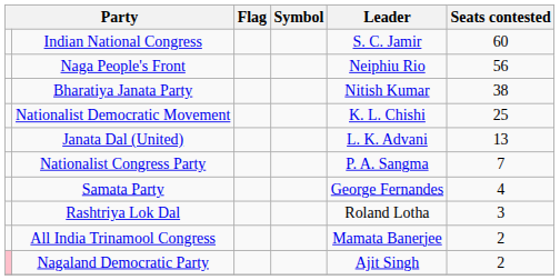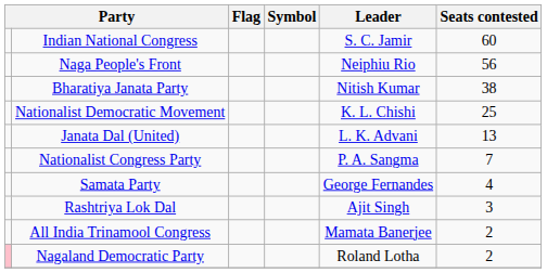 <table class="wikitable" style="text-align:center;">
 <tr>
 <th colspan="2">Party</th>
 <th>Flag</th>
 <th>Symbol</th>
 <th>Leader</th>
 <th>Seats contested</th>
 </tr>
 <tr>
 <td></td>
 <td><a href='#'>Indian National Congress</a></td>
 <td></td>
 <td></td>
 <td><a href='#'>S. C. Jamir</a></td>
 <td>60</td>
 </tr>
 <tr>
 <td></td>
 <td><a href='#'>Naga People's Front</a></td>
 <td></td>
 <td></td>
 <td><a href='#'>Neiphiu Rio</a></td>
 <td>56</td>
 </tr>
 <tr>
 <td></td>
 <td><a href='#'>Bharatiya Janata Party</a></td>
 <td></td>
 <td></td>
 <td><a href='#'>Nitish Kumar</a></td>
 <td>38</td>
 </tr>
 <tr>
 <td></td>
 <td><a href='#'>Nationalist Democratic Movement</a></td>
 <td></td>
 <td></td>
 <td><a href='#'>K. L. Chishi</a></td>
 <td>25</td>
 </tr>
 <tr>
 <td></td>
 <td><a href='#'>Janata Dal (United)</a></td>
 <td></td>
 <td></td>
 <td><a href='#'>L. K. Advani</a></td>
 <td>13</td>
 </tr>
 <tr>
 <td></td>
 <td><a href='#'>Nationalist Congress Party</a></td>
 <td></td>
 <td></td>
 <td><a href='#'>P. A. Sangma</a></td>
 <td>7</td>
 </tr>
 <tr>
 <td></td>
 <td><a href='#'>Samata Party</a></td>
 <td></td>
 <td></td>
 <td><a href='#'>George Fernandes</a></td>
 <td>4</td>
 </tr>
 <tr>
 <td></td>
 <td><a href='#'>Rashtriya Lok Dal</a></td>
 <td></td>
 <td></td>
-<td>Roland Lotha</td>
+<td><a href='#'>Ajit Singh</a></td>
 <td>3</td>
 </tr>
 <tr>
 <td></td>
 <td><a href='#'>All India Trinamool Congress</a></td>
 <td></td>
 <td></td>
 <td><a href='#'>Mamata Banerjee</a></td>
 <td>2</td>
 </tr>
 <tr>
 <td style="background-color: pink;"></td>
 <td><a href='#'>Nagaland Democratic Party</a></td>
 <td></td>
 <td></td>
-<td><a href='#'>Ajit Singh</a></td>
+<td>Roland Lotha</td>
 <td>2</td>
 </tr>
 <tr>
 </tr>
 </table>
